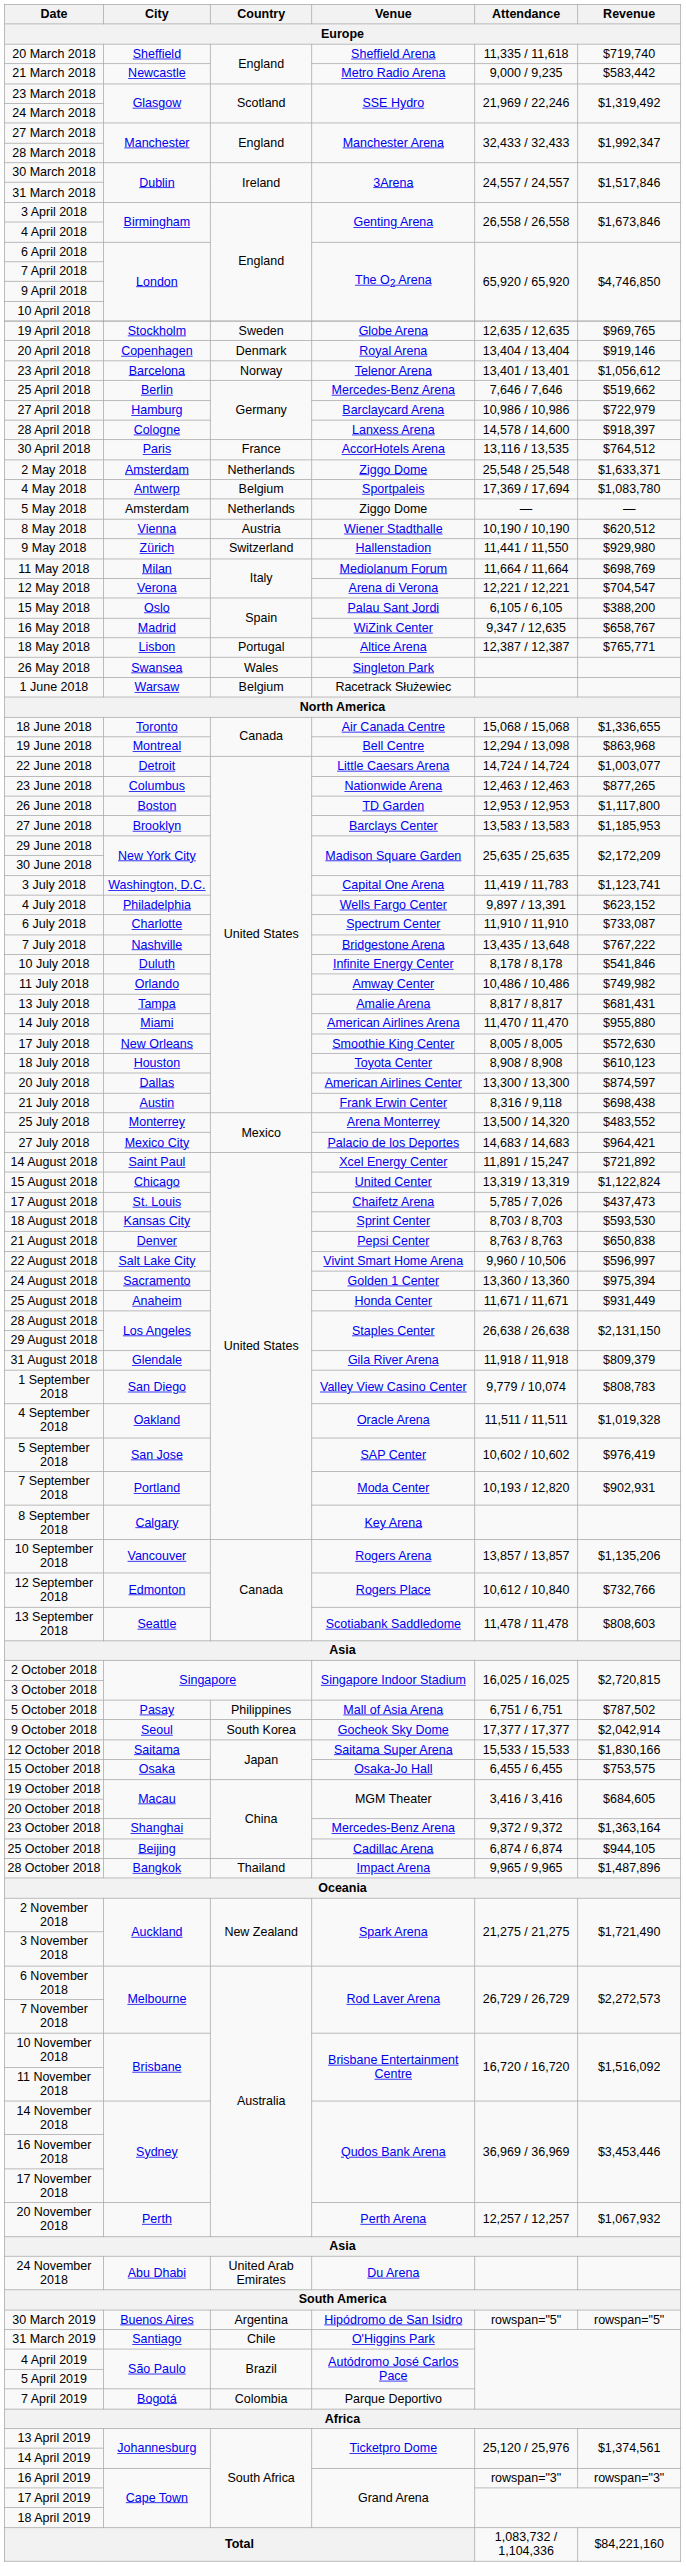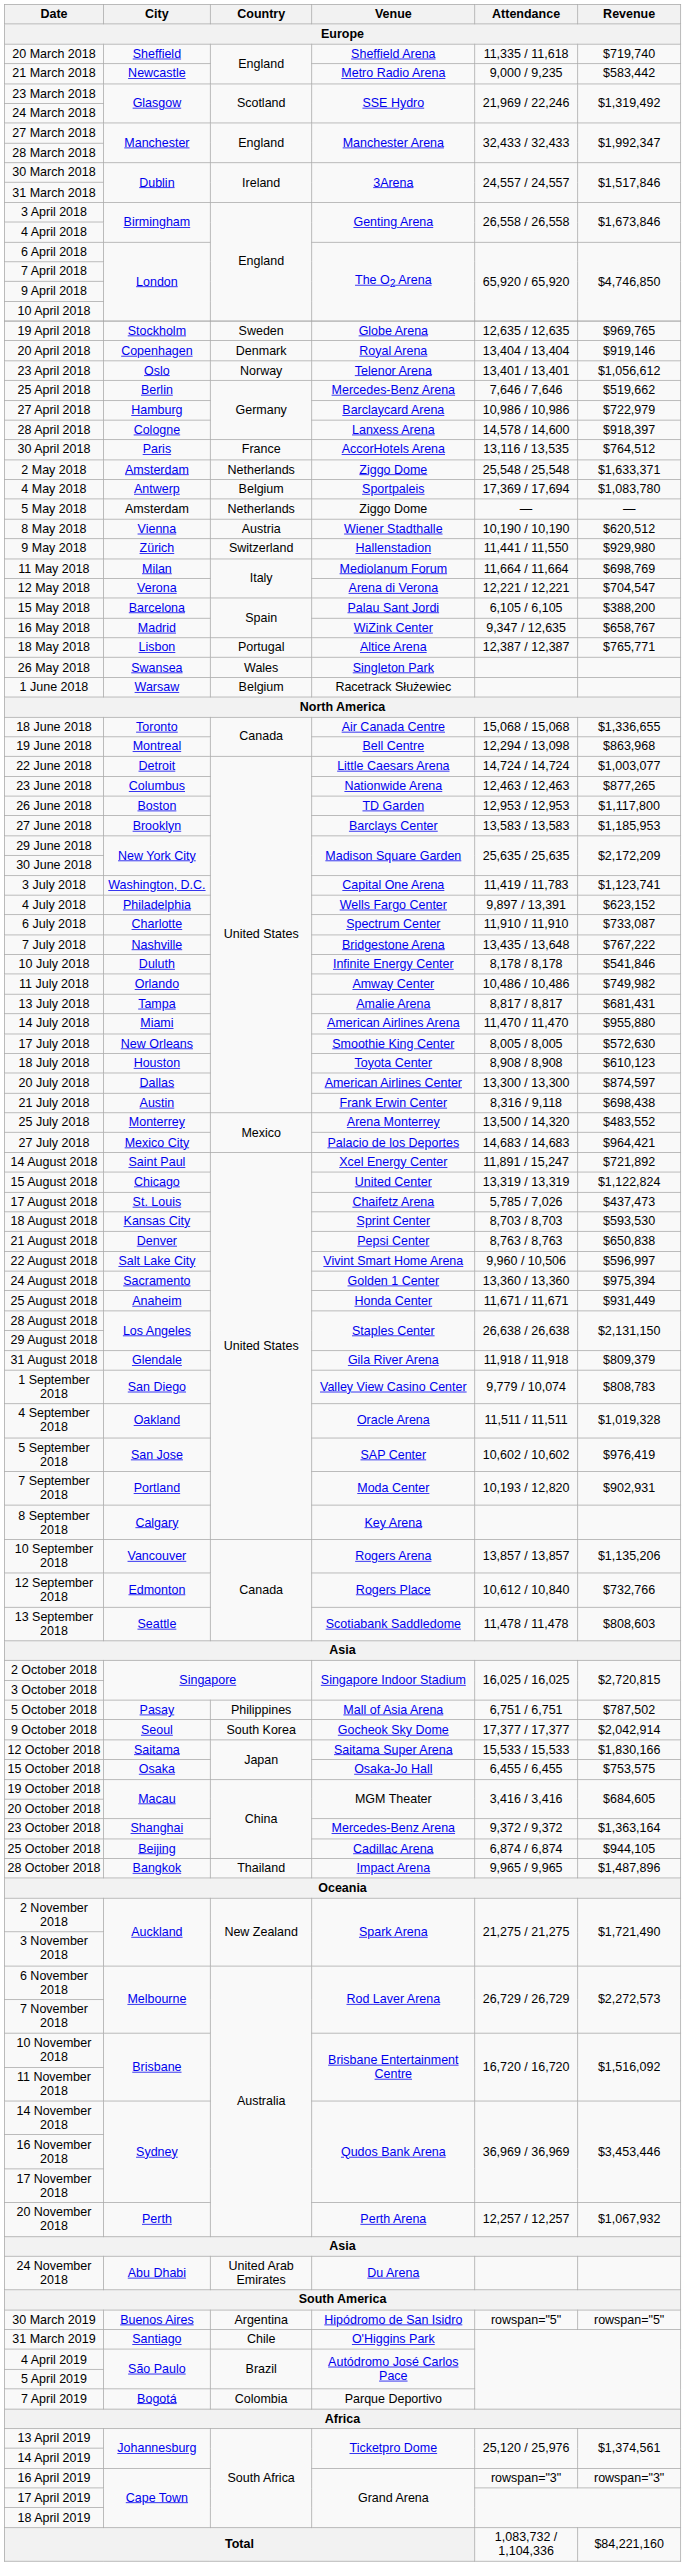 <table class="wikitable" style="text-align:center;">
 <tr>
 <th style="width:150px;">Date</th>
 <th style="width:150px;">City</th>
 <th style="width:150px;">Country</th>
 <th style="width:275px;">Venue</th>
 <th style="width:150px;">Attendance</th>
 <th style="width:150px;">Revenue</th>
 </tr>
 <tr>
 <th colspan="6">Europe</th>
 </tr>
 <tr>
 <td>20 March 2018</td>
 <td><a href='#'>Sheffield</a></td>
 <td rowspan="2">England</td>
 <td><a href='#'>Sheffield Arena</a></td>
 <td>11,335 / 11,618</td>
 <td>$719,740</td>
 </tr>
 <tr>
 <td>21 March 2018</td>
 <td><a href='#'>Newcastle</a></td>
 <td><a href='#'>Metro Radio Arena</a></td>
 <td>9,000 / 9,235</td>
 <td>$583,442</td>
 </tr>
 <tr>
 <td>23 March 2018</td>
 <td rowspan="2"><a href='#'>Glasgow</a></td>
 <td rowspan="2">Scotland</td>
 <td rowspan="2"><a href='#'>SSE Hydro</a></td>
 <td rowspan="2">21,969 / 22,246</td>
 <td rowspan="2">$1,319,492</td>
 </tr>
 <tr>
 <td>24 March 2018</td>
 </tr>
 <tr>
 <td>27 March 2018</td>
 <td rowspan="2"><a href='#'>Manchester</a></td>
 <td rowspan="2">England</td>
 <td rowspan="2"><a href='#'>Manchester Arena</a></td>
 <td rowspan="2">32,433 / 32,433</td>
 <td rowspan="2">$1,992,347</td>
 </tr>
 <tr>
 <td>28 March 2018</td>
 </tr>
 <tr>
 <td>30 March 2018</td>
 <td rowspan="2"><a href='#'>Dublin</a></td>
 <td rowspan="2">Ireland</td>
 <td rowspan="2"><a href='#'>3Arena</a></td>
 <td rowspan="2">24,557 / 24,557</td>
 <td rowspan="2">$1,517,846</td>
 </tr>
 <tr>
 <td>31 March 2018</td>
 </tr>
 <tr>
 <td>3 April 2018</td>
 <td rowspan="2"><a href='#'>Birmingham</a></td>
 <td rowspan="6">England</td>
 <td rowspan="2"><a href='#'>Genting Arena</a></td>
 <td rowspan="2">26,558 / 26,558</td>
 <td rowspan="2">$1,673,846</td>
 </tr>
 <tr>
 <td>4 April 2018</td>
 </tr>
 <tr>
 <td>6 April 2018</td>
 <td rowspan="4"><a href='#'>London</a></td>
 <td rowspan="4"><a href='#'>The O<sub>2</sub> Arena</a></td>
 <td rowspan="4">65,920 / 65,920</td>
 <td rowspan="4">$4,746,850</td>
 </tr>
 <tr>
 <td>7 April 2018</td>
 </tr>
 <tr>
 <td>9 April 2018</td>
 </tr>
 <tr>
 <td>10 April 2018</td>
 </tr>
 <tr>
 </tr>
 <tr>
 <td>19 April 2018</td>
 <td><a href='#'>Stockholm</a></td>
 <td>Sweden</td>
 <td><a href='#'>Globe Arena</a></td>
 <td>12,635 / 12,635</td>
 <td>$969,765</td>
 </tr>
 <tr>
 <td>20 April 2018</td>
 <td><a href='#'>Copenhagen</a></td>
 <td>Denmark</td>
 <td><a href='#'>Royal Arena</a></td>
 <td>13,404 / 13,404</td>
 <td>$919,146</td>
 </tr>
 <tr>
 <td>23 April 2018</td>
-<td><a href='#'>Barcelona</a></td>
+<td><a href='#'>Oslo</a></td>
 <td>Norway</td>
 <td><a href='#'>Telenor Arena</a></td>
 <td>13,401 / 13,401</td>
 <td>$1,056,612</td>
 </tr>
 <tr>
 <td>25 April 2018</td>
 <td><a href='#'>Berlin</a></td>
 <td rowspan="3">Germany</td>
 <td><a href='#'>Mercedes-Benz Arena</a></td>
 <td>7,646 / 7,646</td>
 <td>$519,662</td>
 </tr>
 <tr>
 <td>27 April 2018</td>
 <td><a href='#'>Hamburg</a></td>
 <td><a href='#'>Barclaycard Arena</a></td>
 <td>10,986 / 10,986</td>
 <td>$722,979</td>
 </tr>
 <tr>
 <td>28 April 2018</td>
 <td><a href='#'>Cologne</a></td>
 <td><a href='#'>Lanxess Arena</a></td>
 <td>14,578 / 14,600</td>
 <td>$918,397</td>
 </tr>
 <tr>
 <td>30 April 2018</td>
 <td><a href='#'>Paris</a></td>
 <td>France</td>
 <td><a href='#'>AccorHotels Arena</a></td>
 <td>13,116 / 13,535</td>
 <td>$764,512</td>
 </tr>
 <tr>
 <td>2 May 2018</td>
 <td><a href='#'>Amsterdam</a></td>
 <td>Netherlands</td>
 <td><a href='#'>Ziggo Dome</a></td>
 <td>25,548 / 25,548</td>
 <td>$1,633,371</td>
 </tr>
 <tr>
 <td>4 May 2018</td>
 <td><a href='#'>Antwerp</a></td>
 <td>Belgium</td>
 <td><a href='#'>Sportpaleis</a></td>
 <td>17,369 / 17,694</td>
 <td>$1,083,780</td>
 </tr>
 <tr>
 <td>5 May 2018</td>
 <td>Amsterdam</td>
 <td>Netherlands</td>
 <td>Ziggo Dome</td>
 <td>—</td>
 <td>—</td>
 </tr>
 <tr>
 <td>8 May 2018</td>
 <td><a href='#'>Vienna</a></td>
 <td>Austria</td>
 <td><a href='#'>Wiener Stadthalle</a></td>
 <td>10,190 / 10,190</td>
 <td>$620,512</td>
 </tr>
 <tr>
 <td>9 May 2018</td>
 <td><a href='#'>Zürich</a></td>
 <td>Switzerland</td>
 <td><a href='#'>Hallenstadion</a></td>
 <td>11,441 / 11,550</td>
 <td>$929,980</td>
 </tr>
 <tr>
 <td>11 May 2018</td>
 <td><a href='#'>Milan</a></td>
 <td rowspan="2">Italy</td>
 <td><a href='#'>Mediolanum Forum</a></td>
 <td>11,664 / 11,664</td>
 <td>$698,769</td>
 </tr>
 <tr>
 <td>12 May 2018</td>
 <td><a href='#'>Verona</a></td>
 <td><a href='#'>Arena di Verona</a></td>
 <td>12,221 / 12,221</td>
 <td>$704,547</td>
 </tr>
 <tr>
 <td>15 May 2018</td>
-<td><a href='#'>Oslo</a></td>
+<td><a href='#'>Barcelona</a></td>
 <td rowspan="2">Spain</td>
 <td><a href='#'>Palau Sant Jordi</a></td>
 <td>6,105 / 6,105</td>
 <td>$388,200</td>
 </tr>
 <tr>
 <td>16 May 2018</td>
 <td><a href='#'>Madrid</a></td>
 <td><a href='#'>WiZink Center</a></td>
 <td>9,347 / 12,635</td>
 <td>$658,767</td>
 </tr>
 <tr>
 <td>18 May 2018</td>
 <td><a href='#'>Lisbon</a></td>
 <td>Portugal</td>
 <td><a href='#'>Altice Arena</a></td>
 <td>12,387 / 12,387</td>
 <td>$765,771</td>
 </tr>
 <tr>
 <td>26 May 2018</td>
 <td><a href='#'>Swansea</a></td>
 <td>Wales</td>
 <td><a href='#'>Singleton Park</a></td>
 <td></td>
 <td></td>
 </tr>
 <tr>
 <td>1 June 2018</td>
 <td><a href='#'>Warsaw</a></td>
 <td>Belgium</td>
 <td>Racetrack Służewiec</td>
 <td></td>
 <td></td>
 </tr>
 <tr>
 <th colspan="6">North America</th>
 </tr>
 <tr>
 <td>18 June 2018</td>
 <td><a href='#'>Toronto</a></td>
 <td rowspan="2">Canada</td>
 <td><a href='#'>Air Canada Centre</a></td>
 <td>15,068 / 15,068</td>
 <td>$1,336,655</td>
 </tr>
 <tr>
 <td>19 June 2018</td>
 <td><a href='#'>Montreal</a></td>
 <td><a href='#'>Bell Centre</a></td>
 <td>12,294 / 13,098</td>
 <td>$863,968</td>
 </tr>
 <tr>
 <td>22 June 2018</td>
 <td><a href='#'>Detroit</a></td>
 <td rowspan="18">United States</td>
 <td><a href='#'>Little Caesars Arena</a></td>
 <td>14,724 / 14,724</td>
 <td>$1,003,077</td>
 </tr>
 <tr>
 <td>23 June 2018</td>
 <td><a href='#'>Columbus</a></td>
 <td><a href='#'>Nationwide Arena</a></td>
 <td>12,463 / 12,463</td>
 <td>$877,265</td>
 </tr>
 <tr>
 <td>26 June 2018</td>
 <td><a href='#'>Boston</a></td>
 <td><a href='#'>TD Garden</a></td>
 <td>12,953 / 12,953</td>
 <td>$1,117,800</td>
 </tr>
 <tr>
 <td>27 June 2018</td>
 <td><a href='#'>Brooklyn</a></td>
 <td><a href='#'>Barclays Center</a></td>
 <td>13,583 / 13,583</td>
 <td>$1,185,953</td>
 </tr>
 <tr>
 <td>29 June 2018</td>
 <td rowspan="2"><a href='#'>New York City</a></td>
 <td rowspan="2"><a href='#'>Madison Square Garden</a></td>
 <td rowspan="2">25,635 / 25,635</td>
 <td rowspan="2">$2,172,209</td>
 </tr>
 <tr>
 <td>30 June 2018</td>
 </tr>
 <tr>
 <td>3 July 2018</td>
 <td><a href='#'>Washington, D.C.</a></td>
 <td><a href='#'>Capital One Arena</a></td>
 <td>11,419 / 11,783</td>
 <td>$1,123,741</td>
 </tr>
 <tr>
 <td>4 July 2018</td>
 <td><a href='#'>Philadelphia</a></td>
 <td><a href='#'>Wells Fargo Center</a></td>
 <td>9,897 / 13,391</td>
 <td>$623,152</td>
 </tr>
 <tr>
 <td>6 July 2018</td>
 <td><a href='#'>Charlotte</a></td>
 <td><a href='#'>Spectrum Center</a></td>
 <td>11,910 / 11,910</td>
 <td>$733,087</td>
 </tr>
 <tr>
 <td>7 July 2018</td>
 <td><a href='#'>Nashville</a></td>
 <td><a href='#'>Bridgestone Arena</a></td>
 <td>13,435 / 13,648</td>
 <td>$767,222</td>
 </tr>
 <tr>
 <td>10 July 2018</td>
 <td><a href='#'>Duluth</a></td>
 <td><a href='#'>Infinite Energy Center</a></td>
 <td>8,178 / 8,178</td>
 <td>$541,846</td>
 </tr>
 <tr>
 <td>11 July 2018</td>
 <td><a href='#'>Orlando</a></td>
 <td><a href='#'>Amway Center</a></td>
 <td>10,486 / 10,486</td>
 <td>$749,982</td>
 </tr>
 <tr>
 <td>13 July 2018</td>
 <td><a href='#'>Tampa</a></td>
 <td><a href='#'>Amalie Arena</a></td>
 <td>8,817 / 8,817</td>
 <td>$681,431</td>
 </tr>
 <tr>
 <td>14 July 2018</td>
 <td><a href='#'>Miami</a></td>
 <td><a href='#'>American Airlines Arena</a></td>
 <td>11,470 / 11,470</td>
 <td>$955,880</td>
 </tr>
 <tr>
 <td>17 July 2018</td>
 <td><a href='#'>New Orleans</a></td>
 <td><a href='#'>Smoothie King Center</a></td>
 <td>8,005 / 8,005</td>
 <td>$572,630</td>
 </tr>
 <tr>
 <td>18 July 2018</td>
 <td><a href='#'>Houston</a></td>
 <td><a href='#'>Toyota Center</a></td>
 <td>8,908 / 8,908</td>
 <td>$610,123</td>
 </tr>
 <tr>
 <td>20 July 2018</td>
 <td><a href='#'>Dallas</a></td>
 <td><a href='#'>American Airlines Center</a></td>
 <td>13,300 / 13,300</td>
 <td>$874,597</td>
 </tr>
 <tr>
 <td>21 July 2018</td>
 <td><a href='#'>Austin</a></td>
 <td><a href='#'>Frank Erwin Center</a></td>
 <td>8,316 / 9,118</td>
 <td>$698,438</td>
 </tr>
 <tr>
 <td>25 July 2018</td>
 <td><a href='#'>Monterrey</a></td>
 <td rowspan="2">Mexico</td>
 <td><a href='#'>Arena Monterrey</a></td>
 <td>13,500 / 14,320</td>
 <td>$483,552</td>
 </tr>
 <tr>
 <td>27 July 2018</td>
 <td><a href='#'>Mexico City</a></td>
 <td><a href='#'>Palacio de los Deportes</a></td>
 <td>14,683 / 14,683</td>
 <td>$964,421</td>
 </tr>
 <tr>
 <td>14 August 2018</td>
 <td><a href='#'>Saint Paul</a></td>
 <td rowspan="16">United States</td>
 <td><a href='#'>Xcel Energy Center</a></td>
 <td>11,891 / 15,247</td>
 <td>$721,892</td>
 </tr>
 <tr>
 <td>15 August 2018</td>
 <td><a href='#'>Chicago</a></td>
 <td><a href='#'>United Center</a></td>
 <td>13,319 / 13,319</td>
 <td>$1,122,824</td>
 </tr>
 <tr>
 <td>17 August 2018</td>
 <td><a href='#'>St. Louis</a></td>
 <td><a href='#'>Chaifetz Arena</a></td>
 <td>5,785 / 7,026</td>
 <td>$437,473</td>
 </tr>
 <tr>
 <td>18 August 2018</td>
 <td><a href='#'>Kansas City</a></td>
 <td><a href='#'>Sprint Center</a></td>
 <td>8,703 / 8,703</td>
 <td>$593,530</td>
 </tr>
 <tr>
 <td>21 August 2018</td>
 <td><a href='#'>Denver</a></td>
 <td><a href='#'>Pepsi Center</a></td>
 <td>8,763 / 8,763</td>
 <td>$650,838</td>
 </tr>
 <tr>
 <td>22 August 2018</td>
 <td><a href='#'>Salt Lake City</a></td>
 <td><a href='#'>Vivint Smart Home Arena</a></td>
 <td>9,960 / 10,506</td>
 <td>$596,997</td>
 </tr>
 <tr>
 <td>24 August 2018</td>
 <td><a href='#'>Sacramento</a></td>
 <td><a href='#'>Golden 1 Center</a></td>
 <td>13,360 / 13,360</td>
 <td>$975,394</td>
 </tr>
 <tr>
 <td>25 August 2018</td>
 <td><a href='#'>Anaheim</a></td>
 <td><a href='#'>Honda Center</a></td>
 <td>11,671 / 11,671</td>
 <td>$931,449</td>
 </tr>
 <tr>
 <td>28 August 2018</td>
 <td rowspan="2"><a href='#'>Los Angeles</a></td>
 <td rowspan="2"><a href='#'>Staples Center</a></td>
 <td rowspan="2">26,638 / 26,638</td>
 <td rowspan="2">$2,131,150</td>
 </tr>
 <tr>
 <td>29 August 2018</td>
 </tr>
 <tr>
 <td>31 August 2018</td>
 <td><a href='#'>Glendale</a></td>
 <td><a href='#'>Gila River Arena</a></td>
 <td>11,918 / 11,918</td>
 <td>$809,379</td>
 </tr>
 <tr>
 <td>1 September 2018</td>
 <td><a href='#'>San Diego</a></td>
 <td><a href='#'>Valley View Casino Center</a></td>
 <td>9,779 / 10,074</td>
 <td>$808,783</td>
 </tr>
 <tr>
 <td>4 September 2018</td>
 <td><a href='#'>Oakland</a></td>
 <td><a href='#'>Oracle Arena</a></td>
 <td>11,511 / 11,511</td>
 <td>$1,019,328</td>
 </tr>
 <tr>
 <td>5 September 2018</td>
 <td><a href='#'>San Jose</a></td>
 <td><a href='#'>SAP Center</a></td>
 <td>10,602 / 10,602</td>
 <td>$976,419</td>
 </tr>
 <tr>
 <td>7 September 2018</td>
 <td><a href='#'>Portland</a></td>
 <td><a href='#'>Moda Center</a></td>
 <td>10,193 / 12,820</td>
 <td>$902,931</td>
 </tr>
 <tr>
 <td>8 September 2018</td>
 <td><a href='#'>Calgary</a></td>
 <td><a href='#'>Key Arena</a></td>
 <td></td>
 <td></td>
 </tr>
 <tr>
 <td>10 September 2018</td>
 <td><a href='#'>Vancouver</a></td>
 <td rowspan="3">Canada</td>
 <td><a href='#'>Rogers Arena</a></td>
 <td>13,857 / 13,857</td>
 <td>$1,135,206</td>
 </tr>
 <tr>
 <td>12 September 2018</td>
 <td><a href='#'>Edmonton</a></td>
 <td><a href='#'>Rogers Place</a></td>
 <td>10,612 / 10,840</td>
 <td>$732,766</td>
 </tr>
 <tr>
 <td>13 September 2018</td>
 <td><a href='#'>Seattle</a></td>
 <td><a href='#'>Scotiabank Saddledome</a></td>
 <td>11,478 / 11,478</td>
 <td>$808,603</td>
 </tr>
 <tr>
 <th colspan="6">Asia</th>
 </tr>
 <tr>
 <td>2 October 2018</td>
 <td rowspan="2" colspan="2"><a href='#'>Singapore</a></td>
 <td rowspan="2"><a href='#'>Singapore Indoor Stadium</a></td>
 <td rowspan="2">16,025 / 16,025</td>
 <td rowspan="2">$2,720,815</td>
 </tr>
 <tr>
 <td>3 October 2018</td>
 </tr>
 <tr>
 <td>5 October 2018</td>
 <td><a href='#'>Pasay</a></td>
 <td>Philippines</td>
 <td><a href='#'>Mall of Asia Arena</a></td>
 <td>6,751 / 6,751</td>
 <td>$787,502</td>
 </tr>
 <tr>
 <td>9 October 2018</td>
 <td><a href='#'>Seoul</a></td>
 <td>South Korea</td>
 <td><a href='#'>Gocheok Sky Dome</a></td>
 <td>17,377 / 17,377</td>
 <td>$2,042,914</td>
 </tr>
 <tr>
 <td>12 October 2018</td>
 <td><a href='#'>Saitama</a></td>
 <td rowspan="2">Japan</td>
 <td><a href='#'>Saitama Super Arena</a></td>
 <td>15,533 / 15,533</td>
 <td>$1,830,166</td>
 </tr>
 <tr>
 <td>15 October 2018</td>
 <td><a href='#'>Osaka</a></td>
 <td><a href='#'>Osaka-Jo Hall</a></td>
 <td>6,455 / 6,455</td>
 <td>$753,575</td>
 </tr>
 <tr>
 <td>19 October 2018</td>
 <td rowspan="2"><a href='#'>Macau</a></td>
 <td rowspan="4">China</td>
 <td rowspan="2">MGM Theater</td>
 <td rowspan="2">3,416 / 3,416</td>
 <td rowspan="2">$684,605</td>
 </tr>
 <tr>
 <td>20 October 2018</td>
 </tr>
 <tr>
 <td>23 October 2018</td>
 <td><a href='#'>Shanghai</a></td>
 <td><a href='#'>Mercedes-Benz Arena</a></td>
 <td>9,372 / 9,372</td>
 <td>$1,363,164</td>
 </tr>
 <tr>
 <td>25 October 2018</td>
 <td><a href='#'>Beijing</a></td>
 <td><a href='#'>Cadillac Arena</a></td>
 <td>6,874 / 6,874</td>
 <td>$944,105</td>
 </tr>
 <tr>
 <td>28 October 2018</td>
 <td><a href='#'>Bangkok</a></td>
 <td>Thailand</td>
 <td><a href='#'>Impact Arena</a></td>
 <td>9,965 / 9,965</td>
 <td>$1,487,896</td>
 </tr>
 <tr>
 <th colspan="6">Oceania</th>
 </tr>
 <tr>
 <td>2 November 2018</td>
 <td rowspan="2"><a href='#'>Auckland</a></td>
 <td rowspan="2">New Zealand</td>
 <td rowspan="2"><a href='#'>Spark Arena</a></td>
 <td rowspan="2">21,275 / 21,275</td>
 <td rowspan="2">$1,721,490</td>
 </tr>
 <tr>
 <td>3 November 2018</td>
 </tr>
 <tr>
 <td>6 November 2018</td>
 <td rowspan="2"><a href='#'>Melbourne</a></td>
 <td rowspan="8">Australia</td>
 <td rowspan="2"><a href='#'>Rod Laver Arena</a></td>
 <td rowspan="2">26,729 / 26,729</td>
 <td rowspan="2">$2,272,573</td>
 </tr>
 <tr>
 <td>7 November 2018</td>
 </tr>
 <tr>
 <td>10 November 2018</td>
 <td rowspan="2"><a href='#'>Brisbane</a></td>
 <td rowspan="2"><a href='#'>Brisbane Entertainment Centre</a></td>
 <td rowspan="2">16,720 / 16,720</td>
 <td rowspan="2">$1,516,092</td>
 </tr>
 <tr>
 <td>11 November 2018</td>
 </tr>
 <tr>
 <td>14 November 2018</td>
 <td rowspan="3"><a href='#'>Sydney</a></td>
 <td rowspan="3"><a href='#'>Qudos Bank Arena</a></td>
 <td rowspan="3">36,969 / 36,969</td>
 <td rowspan="3">$3,453,446</td>
 </tr>
 <tr>
 <td>16 November 2018</td>
 </tr>
 <tr>
 <td>17 November 2018</td>
 </tr>
 <tr>
 <td>20 November 2018</td>
 <td><a href='#'>Perth</a></td>
 <td><a href='#'>Perth Arena</a></td>
 <td>12,257 / 12,257</td>
 <td>$1,067,932</td>
 </tr>
 <tr>
 <th colspan="6">Asia</th>
 </tr>
 <tr>
 <td>24 November 2018</td>
 <td><a href='#'>Abu Dhabi</a></td>
 <td>United Arab Emirates</td>
 <td><a href='#'>Du Arena</a></td>
 <td></td>
 <td></td>
 </tr>
 <tr>
 <th colspan="6">South America</th>
 </tr>
 <tr>
 <td>30 March 2019</td>
 <td><a href='#'>Buenos Aires</a></td>
 <td>Argentina</td>
 <td><a href='#'>Hipódromo de San Isidro</a></td>
 <td>rowspan="5" </td>
 <td>rowspan="5" </td>
 </tr>
 <tr>
 <td>31 March 2019</td>
 <td><a href='#'>Santiago</a></td>
 <td>Chile</td>
 <td><a href='#'>O'Higgins Park</a></td>
 </tr>
 <tr>
 <td>4 April 2019</td>
 <td rowspan="2"><a href='#'>São Paulo</a></td>
 <td rowspan="2">Brazil</td>
 <td rowspan="2"><a href='#'>Autódromo José Carlos Pace</a></td>
 </tr>
 <tr>
 <td>5 April 2019</td>
 </tr>
 <tr>
 <td>7 April 2019</td>
 <td><a href='#'>Bogotá</a></td>
 <td>Colombia</td>
 <td>Parque Deportivo</td>
 </tr>
 <tr>
 <th colspan="6">Africa</th>
 </tr>
 <tr>
 <td>13 April 2019</td>
 <td rowspan="2"><a href='#'>Johannesburg</a></td>
 <td rowspan="5">South Africa</td>
 <td rowspan="2"><a href='#'>Ticketpro Dome</a></td>
 <td rowspan="2">25,120 / 25,976</td>
 <td rowspan="2">$1,374,561</td>
 </tr>
 <tr>
 <td>14 April 2019</td>
 </tr>
 <tr>
 <td>16 April 2019</td>
 <td rowspan="3"><a href='#'>Cape Town</a></td>
 <td rowspan="3">Grand Arena</td>
 <td>rowspan="3" </td>
 <td>rowspan="3" </td>
 </tr>
 <tr>
 <td>17 April 2019</td>
 </tr>
 <tr>
 <td>18 April 2019</td>
 </tr>
 <tr>
 <th colspan="4">Total</th>
 <td>1,083,732 / 1,104,336</td>
 <td>$84,221,160</td>
 </tr>
 </table>
